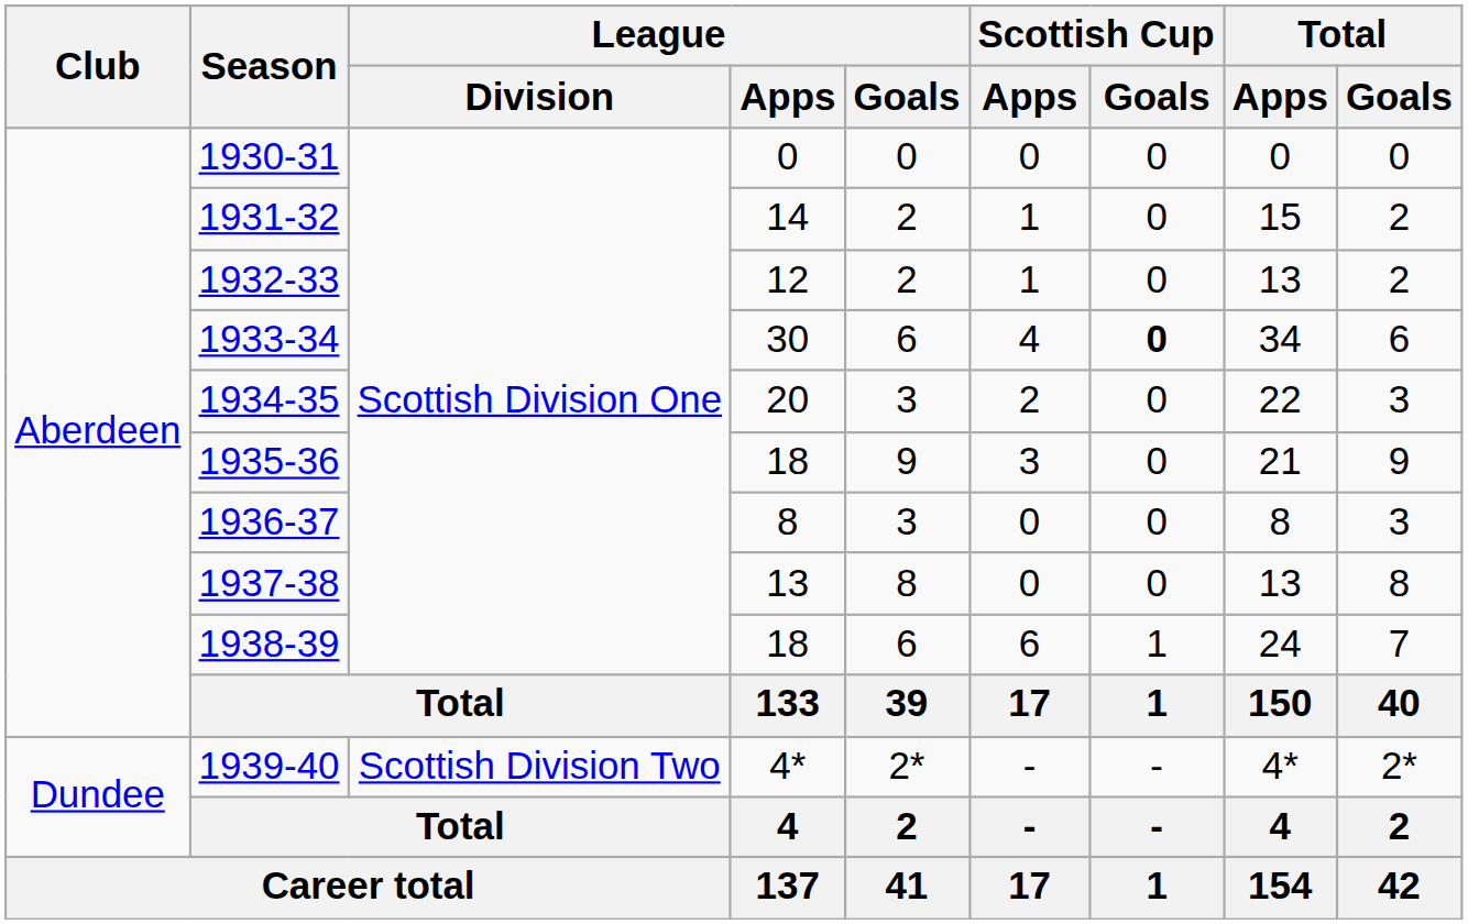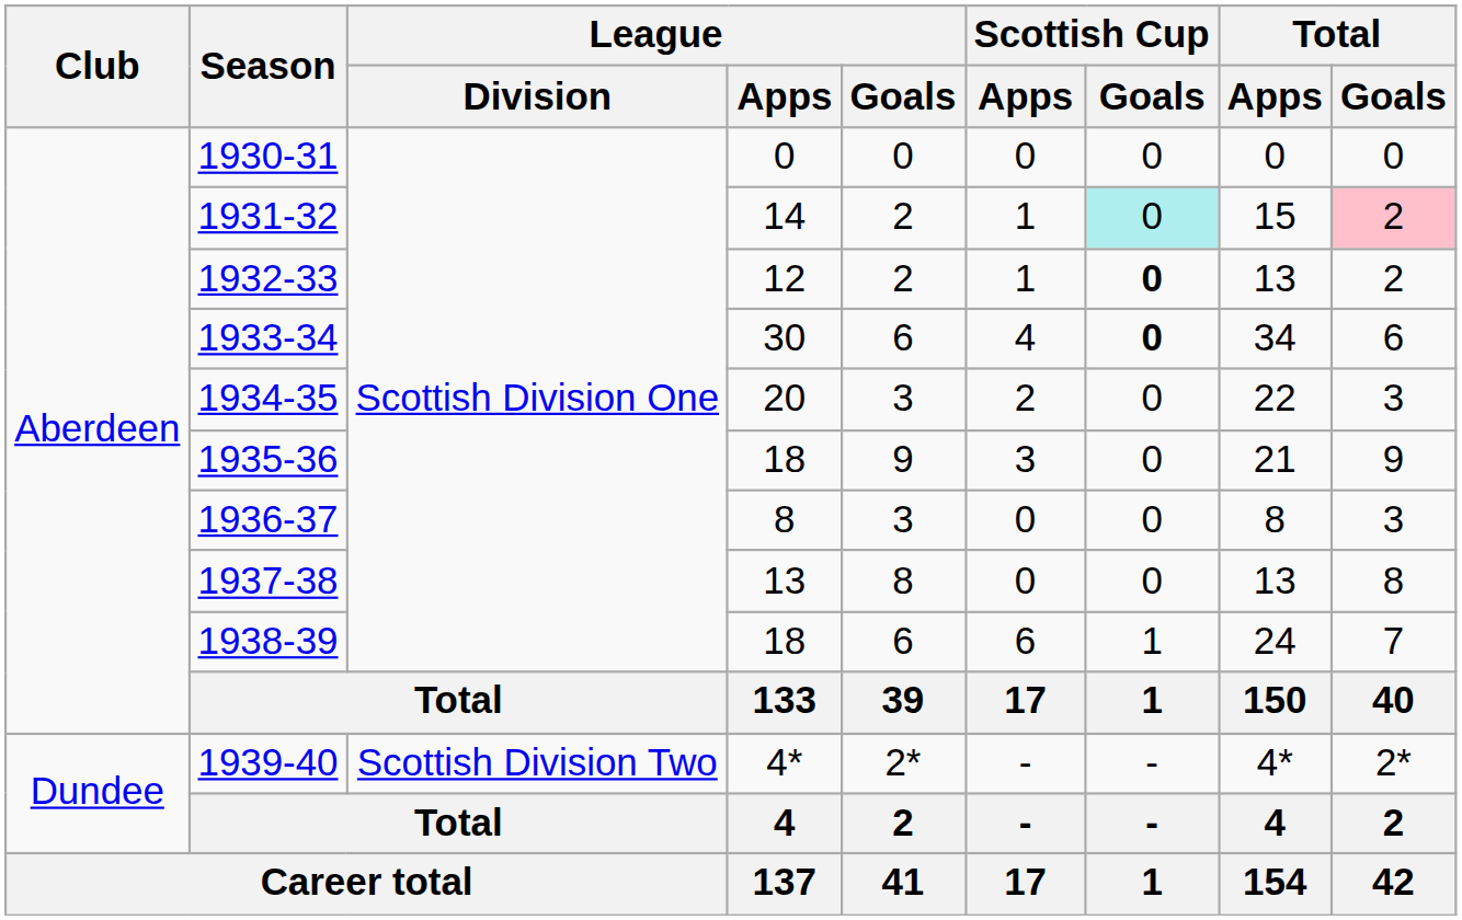 <table class="wikitable" style="text-align:center">
 <tr>
 <th rowspan="2">Club</th>
 <th rowspan="2">Season</th>
 <th colspan="3">League</th>
 <th colspan="2">Scottish Cup</th>
 <th colspan="2">Total</th>
 </tr>
 <tr>
 <th>Division</th>
 <th>Apps</th>
 <th>Goals</th>
 <th>Apps</th>
 <th>Goals</th>
 <th>Apps</th>
 <th>Goals</th>
 </tr>
 <tr>
 <td rowspan="10"><a href='#'>Aberdeen</a></td>
 <td><a href='#'>1930-31</a></td>
 <td rowspan="9"><a href='#'>Scottish Division One</a></td>
 <td>0</td>
 <td>0</td>
 <td>0</td>
 <td>0</td>
 <td>0</td>
 <td>0</td>
 </tr>
 <tr>
 <td><a href='#'>1931-32</a></td>
 <td>14</td>
 <td>2</td>
 <td>1</td>
-<td>0</td>
+<td style="background: paleturquoise;">0</td>
 <td>15</td>
-<td>2</td>
+<td style="background: pink;">2</td>
 </tr>
 <tr>
 <td><a href='#'>1932-33</a></td>
 <td>12</td>
 <td>2</td>
 <td>1</td>
-<td>0</td>
+<td><strong>0</strong></td>
 <td>13</td>
 <td>2</td>
 </tr>
 <tr>
 <td><a href='#'>1933-34</a></td>
 <td>30</td>
 <td>6</td>
 <td>4</td>
 <td><strong>0</strong></td>
 <td>34</td>
 <td>6</td>
 </tr>
 <tr>
 <td><a href='#'>1934-35</a></td>
 <td>20</td>
 <td>3</td>
 <td>2</td>
 <td>0</td>
 <td>22</td>
 <td>3</td>
 </tr>
 <tr>
 <td><a href='#'>1935-36</a></td>
 <td>18</td>
 <td>9</td>
 <td>3</td>
 <td>0</td>
 <td>21</td>
 <td>9</td>
 </tr>
 <tr>
 <td><a href='#'>1936-37</a></td>
 <td>8</td>
 <td>3</td>
 <td>0</td>
 <td>0</td>
 <td>8</td>
 <td>3</td>
 </tr>
 <tr>
 <td><a href='#'>1937-38</a></td>
 <td>13</td>
 <td>8</td>
 <td>0</td>
 <td>0</td>
 <td>13</td>
 <td>8</td>
 </tr>
 <tr>
 <td><a href='#'>1938-39</a></td>
 <td>18</td>
 <td>6</td>
 <td>6</td>
 <td>1</td>
 <td>24</td>
 <td>7</td>
 </tr>
 <tr>
 <th colspan="2">Total</th>
 <th>133</th>
 <th>39</th>
 <th>17</th>
 <th>1</th>
 <th>150</th>
 <th>40</th>
 </tr>
 <tr>
 <td rowspan="2"><a href='#'>Dundee</a></td>
 <td><a href='#'>1939-40</a></td>
 <td><a href='#'>Scottish Division Two</a></td>
 <td>4*</td>
 <td>2*</td>
 <td>-</td>
 <td>-</td>
 <td>4*</td>
 <td>2*</td>
 </tr>
 <tr>
 <th colspan="2">Total</th>
 <th>4</th>
 <th>2</th>
 <th>-</th>
 <th>-</th>
 <th>4</th>
 <th>2</th>
 </tr>
 <tr>
 <th colspan="3">Career total</th>
 <th>137</th>
 <th>41</th>
 <th>17</th>
 <th>1</th>
 <th>154</th>
 <th>42</th>
 </tr>
 </table>
